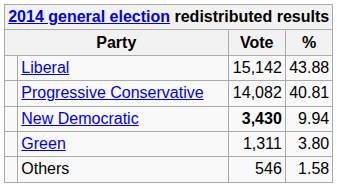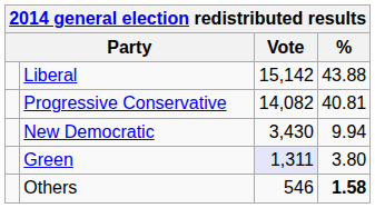 <table class="wikitable">
 <tr>
 <th colspan="4"><a href='#'>2014 general election</a> redistributed results</th>
 </tr>
 <tr>
 <th bgcolor="#DDDDFF" width="130px" colspan="2">Party</th>
 <th bgcolor="#DDDDFF" width="50px">Vote</th>
 <th bgcolor="#DDDDFF" width="30px">%</th>
 </tr>
 <tr>
 <td> </td>
 <td><a href='#'>Liberal</a></td>
 <td align=right>15,142</td>
 <td align=right>43.88</td>
 </tr>
 <tr>
 <td> </td>
 <td><a href='#'>Progressive Conservative</a></td>
 <td align=right>14,082</td>
 <td align=right>40.81</td>
 </tr>
 <tr>
 <td> </td>
 <td><a href='#'>New Democratic</a></td>
-<td align=right><strong>3,430</strong></td>
+<td align=right>3,430</td>
 <td align=right>9.94</td>
 </tr>
 <tr>
 <td> </td>
 <td><a href='#'>Green</a></td>
-<td align=right>1,311</td>
+<td align=right style="background: lavender;">1,311</td>
 <td align=right>3.80</td>
 </tr>
 <tr>
 <td> </td>
 <td>Others</td>
 <td align=right>546</td>
-<td align=right>1.58</td>
+<td align=right><strong>1.58</strong></td>
 </tr>
 </table>
